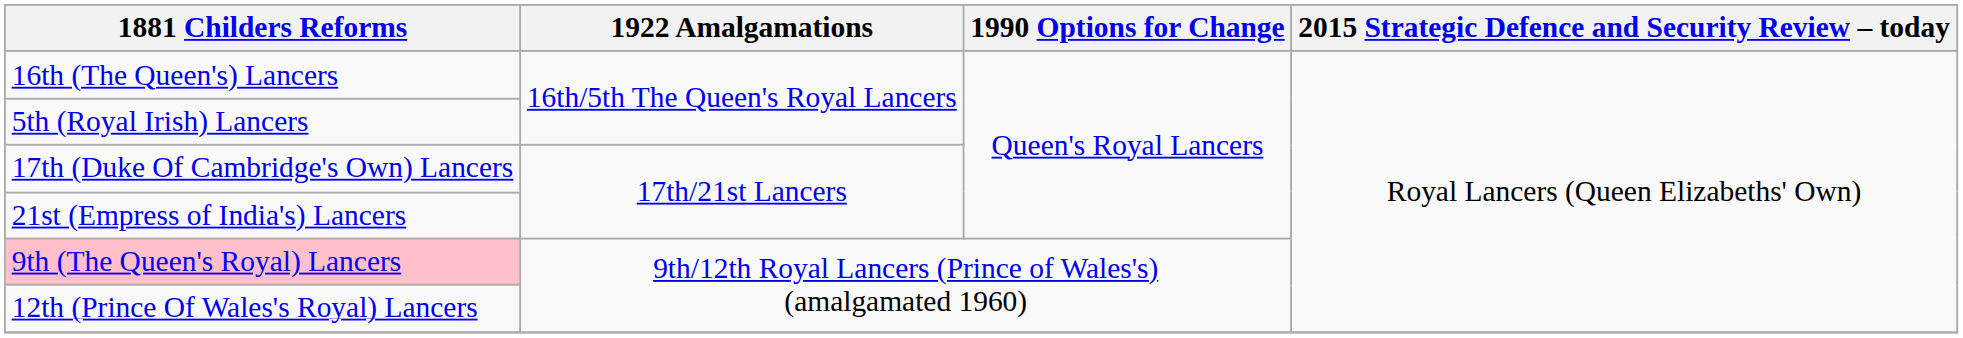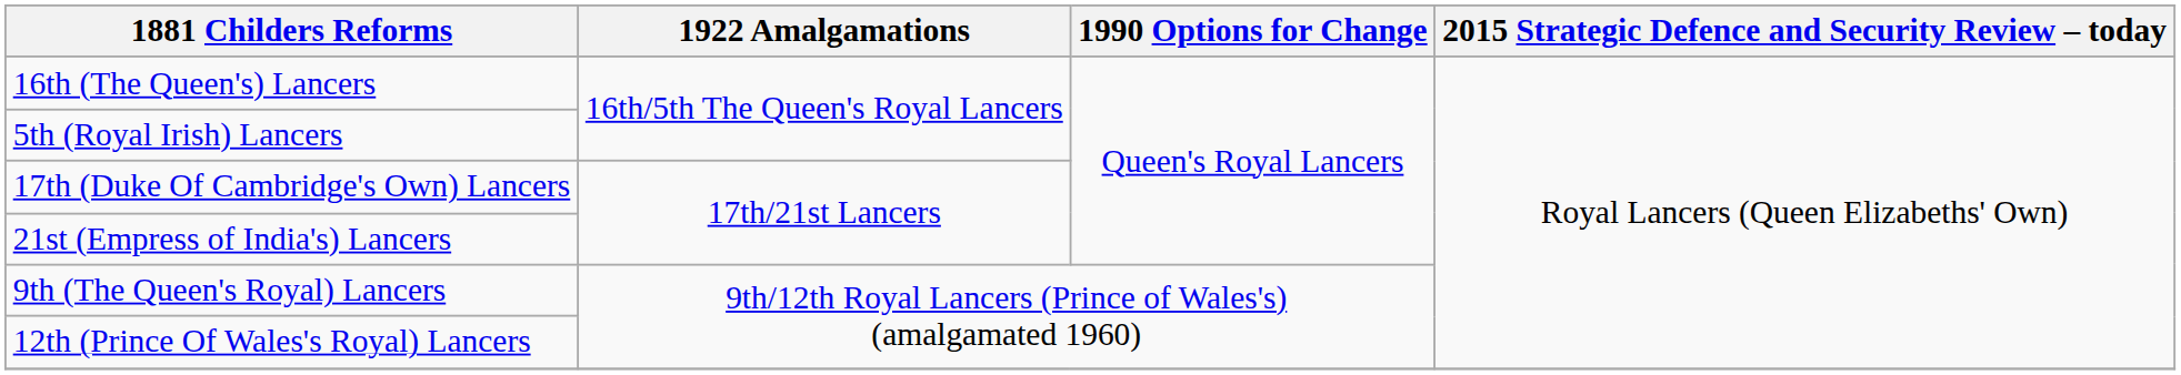 <table class="wikitable">
 <tr>
 <th>1881 <a href='#'>Childers Reforms</a></th>
 <th>1922 Amalgamations</th>
 <th>1990 <a href='#'>Options for Change</a></th>
 <th>2015 <a href='#'>Strategic Defence and Security Review</a> – today</th>
 </tr>
 <tr>
 <td><a href='#'>16th (The Queen's) Lancers</a></td>
 <td rowspan="2" colspan="1" style="text-align: center;"><a href='#'>16th/5th The Queen's Royal Lancers</a></td>
 <td rowspan="4" colspan="1" style="text-align: center;"><a href='#'>Queen's Royal Lancers</a></td>
 <td rowspan="6" colspan="1" style="text-align: center;">Royal Lancers (Queen Elizabeths' Own)</td>
 </tr>
 <tr>
 <td><a href='#'>5th (Royal Irish) Lancers</a></td>
 </tr>
 <tr>
 <td><a href='#'>17th (Duke Of Cambridge's Own) Lancers</a></td>
 <td rowspan="2" colspan="1" style="text-align: center;"><a href='#'>17th/21st Lancers</a></td>
 </tr>
 <tr>
 <td><a href='#'>21st (Empress of India's) Lancers</a></td>
 </tr>
 <tr>
-<td style="background: pink;"><a href='#'>9th (The Queen's Royal) Lancers</a></td>
+<td><a href='#'>9th (The Queen's Royal) Lancers</a></td>
 <td rowspan="2" colspan="2" style="text-align: center;"><a href='#'>9th/12th Royal Lancers (Prince of Wales's)</a><br>(amalgamated 1960)</td>
 </tr>
 <tr>
 <td><a href='#'>12th (Prince Of Wales's Royal) Lancers</a></td>
 </tr>
 <tr>
 </tr>
 </table>
